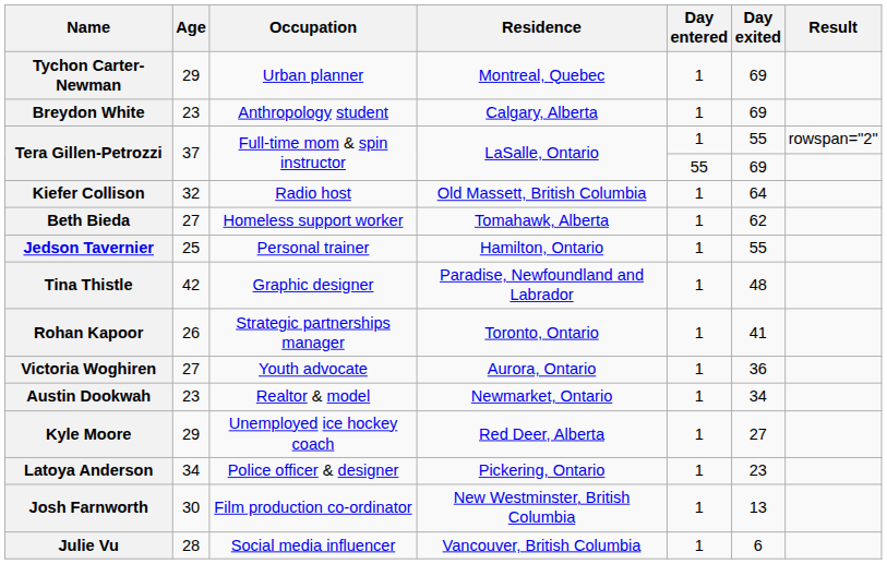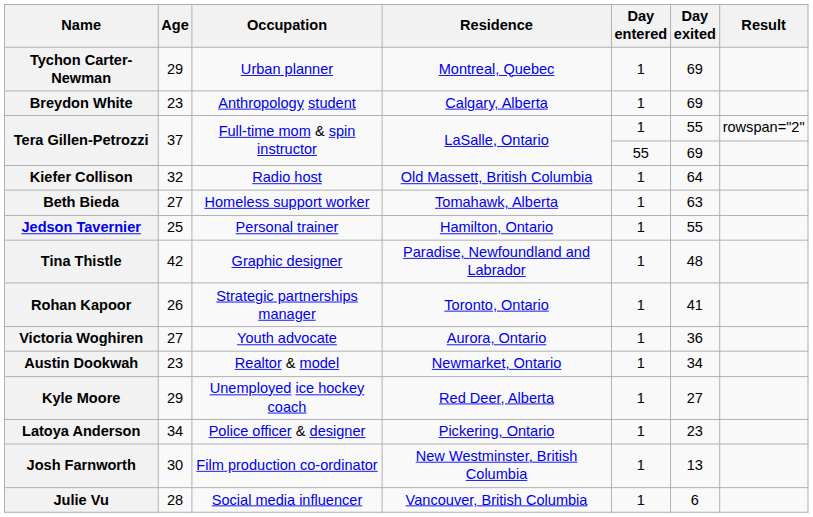 <table class="wikitable sortable" style="text-align:center; line-height:20px; width:auto; margin:auto;">
 <tr>
 <th>Name</th>
 <th scope="col">Age</th>
 <th scope="col" class="unsortable">Occupation</th>
 <th scope="col">Residence</th>
 <th scope="col" class="unsortable">Day<br>entered</th>
 <th scope="col">Day<br>exited</th>
 <th scope="col">Result</th>
 </tr>
 <tr>
 <th>Tychon Carter-Newman</th>
 <td>29</td>
 <td><a href='#'>Urban planner</a></td>
 <td><a href='#'>Montreal, Quebec</a></td>
 <td>1</td>
 <td>69</td>
 <td></td>
 </tr>
 <tr>
 <th>Breydon White</th>
 <td>23</td>
 <td><a href='#'>Anthropology</a> <a href='#'>student</a></td>
 <td><a href='#'>Calgary, Alberta</a></td>
 <td>1</td>
 <td>69</td>
 <td></td>
 </tr>
 <tr>
 <th rowspan="2">Tera Gillen-Petrozzi</th>
 <td rowspan="2">37</td>
 <td rowspan="2"><a href='#'>Full-time mom</a> & <a href='#'>spin instructor</a></td>
 <td rowspan="2"><a href='#'>LaSalle, Ontario</a></td>
 <td>1</td>
 <td>55</td>
 <td>rowspan="2" </td>
 </tr>
 <tr>
 <td>55</td>
 <td>69</td>
 </tr>
 <tr>
 <th>Kiefer Collison</th>
 <td>32</td>
 <td><a href='#'>Radio host</a></td>
 <td><a href='#'>Old Massett, British Columbia</a></td>
 <td>1</td>
 <td>64</td>
 <td></td>
 </tr>
 <tr>
 <th>Beth Bieda</th>
 <td>27</td>
 <td><a href='#'>Homeless support worker</a></td>
 <td><a href='#'>Tomahawk, Alberta</a></td>
 <td>1</td>
-<td>62</td>
+<td>63</td>
 <td></td>
 </tr>
 <tr>
 <th><a href='#'>Jedson Tavernier</a></th>
 <td>25</td>
 <td><a href='#'>Personal trainer</a></td>
 <td><a href='#'>Hamilton, Ontario</a></td>
 <td>1</td>
 <td>55</td>
 <td></td>
 </tr>
 <tr>
 <th>Tina Thistle</th>
 <td>42</td>
 <td><a href='#'>Graphic designer</a></td>
 <td><a href='#'>Paradise, Newfoundland and Labrador</a></td>
 <td>1</td>
 <td>48</td>
 <td></td>
 </tr>
 <tr>
 <th>Rohan Kapoor</th>
 <td>26</td>
 <td><a href='#'>Strategic partnerships manager</a></td>
 <td><a href='#'>Toronto, Ontario</a></td>
 <td>1</td>
 <td>41</td>
 <td></td>
 </tr>
 <tr>
 <th>Victoria Woghiren</th>
 <td>27</td>
 <td><a href='#'>Youth advocate</a></td>
 <td><a href='#'>Aurora, Ontario</a></td>
 <td>1</td>
 <td>36</td>
 <td></td>
 </tr>
 <tr>
 <th>Austin Dookwah</th>
 <td>23</td>
 <td><a href='#'>Realtor</a> & <a href='#'>model</a></td>
 <td><a href='#'>Newmarket, Ontario</a></td>
 <td>1</td>
 <td>34</td>
 <td></td>
 </tr>
 <tr>
 <th>Kyle Moore</th>
 <td>29</td>
 <td><a href='#'>Unemployed</a> <a href='#'>ice hockey</a> <a href='#'>coach</a></td>
 <td><a href='#'>Red Deer, Alberta</a></td>
 <td>1</td>
 <td>27</td>
 <td></td>
 </tr>
 <tr>
 <th>Latoya Anderson</th>
 <td>34</td>
 <td><a href='#'>Police officer</a> & <a href='#'>designer</a></td>
 <td><a href='#'>Pickering, Ontario</a></td>
 <td>1</td>
 <td>23</td>
 <td></td>
 </tr>
 <tr>
 <th>Josh Farnworth</th>
 <td>30</td>
 <td><a href='#'>Film production co-ordinator</a></td>
 <td><a href='#'>New Westminster, British Columbia</a></td>
 <td>1</td>
 <td>13</td>
 <td></td>
 </tr>
 <tr>
 <th>Julie Vu</th>
 <td>28</td>
 <td><a href='#'>Social media influencer</a></td>
 <td><a href='#'>Vancouver, British Columbia</a></td>
 <td>1</td>
 <td>6</td>
 <td></td>
 </tr>
 </table>
